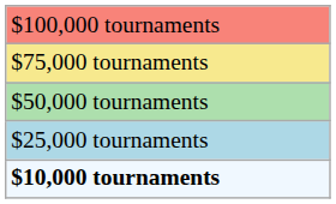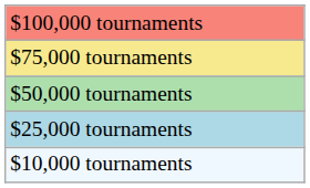 <table class="wikitable" style="font-size:85%;" width=15%>
 <tr bgcolor="#F88379">
 <td>$100,000 tournaments</td>
 </tr>
 <tr bgcolor="#F7E98E">
 <td>$75,000 tournaments</td>
 </tr>
 <tr bgcolor="#ADDFAD">
 <td>$50,000 tournaments</td>
 </tr>
 <tr bgcolor=lightblue>
 <td>$25,000 tournaments</td>
 </tr>
 <tr bgcolor="#f0f8ff">
-<td><strong>$10,000 tournaments</strong></td>
+<td>$10,000 tournaments</td>
 </tr>
 </table>
